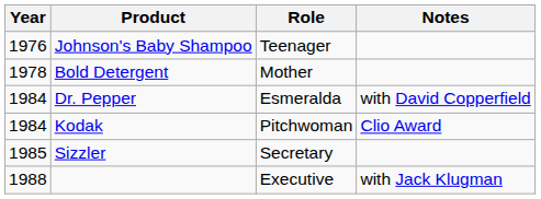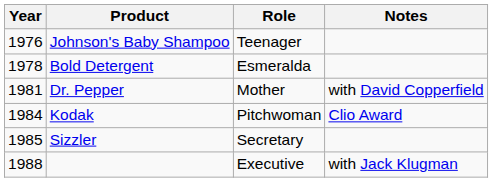 <table class="wikitable sortable">
 <tr>
 <th scope="col">Year</th>
 <th scope="col">Product</th>
 <th scope="col">Role</th>
 <th class="unsortable">Notes</th>
 </tr>
 <tr>
 <td>1976</td>
 <td><a href='#'>Johnson's Baby Shampoo</a></td>
 <td>Teenager</td>
 <td></td>
 </tr>
 <tr>
 <td>1978</td>
 <td><a href='#'>Bold Detergent</a></td>
-<td>Mother</td>
+<td>Esmeralda</td>
 <td></td>
 </tr>
 <tr>
-<td>1984</td>
+<td>1981</td>
 <td><a href='#'>Dr. Pepper</a></td>
-<td>Esmeralda</td>
+<td>Mother</td>
 <td>with <a href='#'>David Copperfield</a></td>
 </tr>
 <tr>
 <td>1984</td>
 <td><a href='#'>Kodak</a></td>
 <td>Pitchwoman</td>
 <td><a href='#'>Clio Award</a></td>
 </tr>
 <tr>
 <td>1985</td>
 <td><a href='#'>Sizzler</a></td>
 <td>Secretary</td>
 <td></td>
 </tr>
 <tr>
 <td>1988</td>
 <td></td>
 <td>Executive</td>
 <td>with <a href='#'>Jack Klugman</a></td>
 </tr>
 </table>
